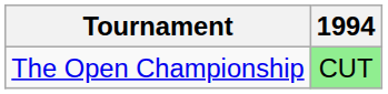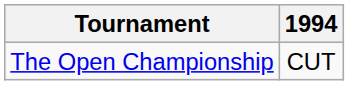 <table class="wikitable" style="font-size:95%;text-align:center;">
 <tr>
 <th>Tournament</th>
 <th>1994</th>
 </tr>
 <tr>
 <td align=left><a href='#'>The Open Championship</a></td>
-<td style="background: lightgreen;">CUT</td>
+<td>CUT</td>
 </tr>
 </table>
